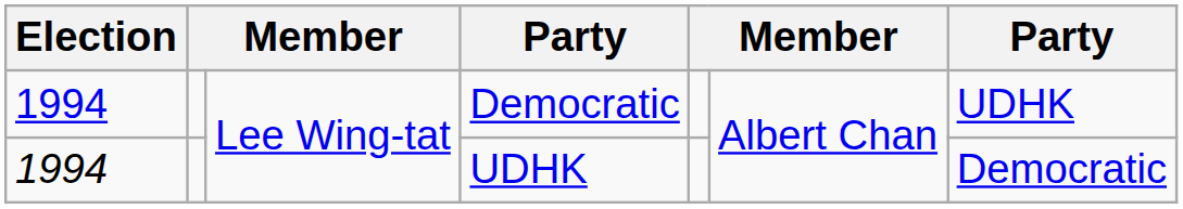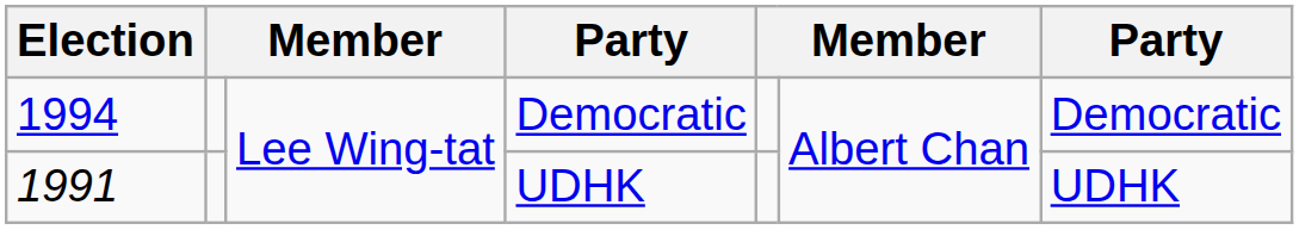 <table class="wikitable">
 <tr>
 <th>Election</th>
 <th colspan="2">Member</th>
 <th>Party</th>
 <th colspan="2">Member</th>
 <th>Party</th>
 </tr>
 <tr>
 <td><a href='#'>1994</a></td>
 <td bgcolor=></td>
 <td rowspan="2"><a href='#'>Lee Wing-tat</a></td>
 <td><a href='#'>Democratic</a></td>
 <td bgcolor=></td>
 <td rowspan="2"><a href='#'>Albert Chan</a></td>
-<td><a href='#'>UDHK</a></td>
+<td><a href='#'>Democratic</a></td>
 </tr>
 <tr>
-<td><em>1994</em></td>
+<td><em>1991</em></td>
 <td bgcolor=></td>
 <td><a href='#'>UDHK</a></td>
 <td bgcolor=></td>
-<td><a href='#'>Democratic</a></td>
+<td><a href='#'>UDHK</a></td>
 </tr>
 </table>
